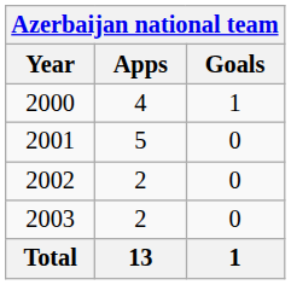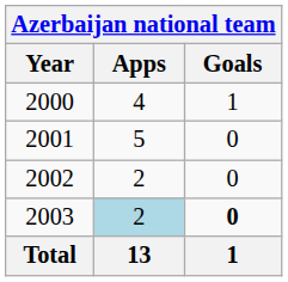 <table class="wikitable" style="text-align:center">
 <tr>
 <th colspan=3><a href='#'>Azerbaijan national team</a></th>
 </tr>
 <tr>
 <th>Year</th>
 <th>Apps</th>
 <th>Goals</th>
 </tr>
 <tr>
 <td>2000</td>
 <td>4</td>
 <td>1</td>
 </tr>
 <tr>
 <td>2001</td>
 <td>5</td>
 <td>0</td>
 </tr>
 <tr>
 <td>2002</td>
 <td>2</td>
 <td>0</td>
 </tr>
 <tr>
 <td>2003</td>
-<td>2</td>
-<td>0</td>
+<td style="background: lightblue;">2</td>
+<td><strong>0</strong></td>
 </tr>
 <tr>
 <th>Total</th>
 <th>13</th>
 <th>1</th>
 </tr>
 </table>
